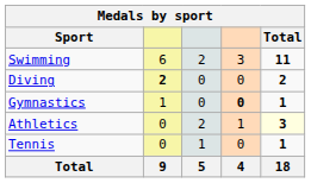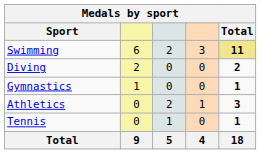 <table class="wikitable" style="font-size:90%; text-align:center;">
 <tr>
 <th colspan=5>Medals by sport</th>
 </tr>
 <tr>
 <th width=120>Sport</th>
 <th scope="col" width=30 style="background:#F7F6A8;"></th>
 <th scope="col" width=30 style="background:#DCE5E5;"></th>
 <th scope="col" width=30 style="background:#FFDAB9;"></th>
 <th width=30>Total</th>
 </tr>
 <tr>
 <td align=left><a href='#'>Swimming</a></td>
 <td style="background:#F7F6A8;">6</td>
 <td style="background:#DCE5E5;">2</td>
 <td style="background:#FFDAB9;">3</td>
-<td><strong>11</strong></td>
+<td style="background: khaki;"><strong>11</strong></td>
 </tr>
 <tr>
 <td align=left><a href='#'>Diving</a></td>
-<td style="background:#F7F6A8;"><strong>2</strong></td>
+<td style="background:#F7F6A8;">2</td>
 <td style="background:#DCE5E5;">0</td>
 <td style="background:#FFDAB9;">0</td>
 <td><strong>2</strong></td>
 </tr>
 <tr>
 <td align=left><a href='#'>Gymnastics</a></td>
 <td style="background:#F7F6A8;">1</td>
 <td style="background:#DCE5E5;">0</td>
-<td style="background:#FFDAB9;"><strong>0</strong></td>
+<td style="background:#FFDAB9;">0</td>
 <td><strong>1</strong></td>
 </tr>
 <tr>
 <td align=left><a href='#'>Athletics</a></td>
 <td style="background:#F7F6A8;">0</td>
 <td style="background:#DCE5E5;">2</td>
 <td style="background:#FFDAB9;">1</td>
-<td style="background: lightyellow;"><strong>3</strong></td>
+<td><strong>3</strong></td>
 </tr>
 <tr>
 <td align=left><a href='#'>Tennis</a></td>
 <td style="background:#F7F6A8;">0</td>
 <td style="background:#DCE5E5;">1</td>
 <td style="background:#FFDAB9;">0</td>
 <td><strong>1</strong></td>
 </tr>
 <tr class="sortbottom">
 <th>Total</th>
 <th>9</th>
 <th>5</th>
 <th>4</th>
 <th>18</th>
 </tr>
 </table>
